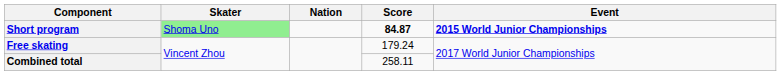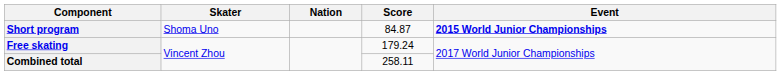 <table class="wikitable unsortable" style="text-align:left; width:75%">
 <tr>
 <th scope="col">Component</th>
 <th scope="col">Skater</th>
 <th scope="col">Nation</th>
 <th scope="col">Score</th>
 <th scope="col">Event</th>
 </tr>
 <tr>
 <th scope="row" style="text-align:left"><a href='#'>Short program</a></th>
-<td style="background: lightgreen;"><a href='#'>Shoma Uno</a></td>
+<td><a href='#'>Shoma Uno</a></td>
 <td></td>
-<td style="text-align:center"><strong>84.87</strong></td>
+<td style="text-align:center">84.87</td>
 <td><strong><a href='#'>2015 World Junior Championships</a></strong></td>
 </tr>
 <tr>
 <th scope="row" style="text-align:left"><a href='#'>Free skating</a></th>
 <td rowspan="2"><a href='#'>Vincent Zhou</a></td>
 <td rowspan="2"></td>
 <td style="text-align:center">179.24</td>
 <td rowspan="2"><a href='#'>2017 World Junior Championships</a></td>
 </tr>
 <tr>
 <th scope="row" style="text-align:left">Combined total</th>
 <td style="text-align:center">258.11</td>
 </tr>
 </table>
